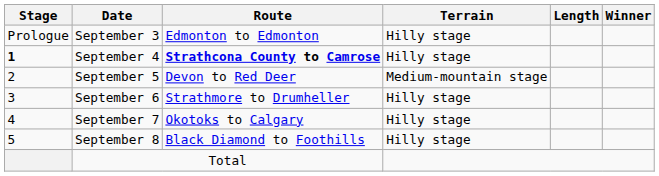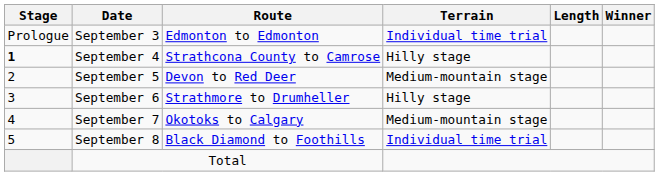 <table class="wikitable">
 <tr>
 <th>Stage</th>
 <th>Date</th>
 <th>Route</th>
 <th>Terrain</th>
 <th>Length</th>
 <th>Winner</th>
 </tr>
 <tr>
 <td style="align:center;">Prologue</td>
 <td>September 3</td>
 <td><a href='#'>Edmonton</a> to <a href='#'>Edmonton</a></td>
-<td> Hilly stage</td>
+<td> <a href='#'>Individual time trial</a></td>
 <td></td>
 <td></td>
 </tr>
 <tr>
 <td style="align:center;"><strong>1</strong></td>
 <td>September 4</td>
-<td><strong><a href='#'>Strathcona County</a> to <a href='#'>Camrose</a></strong></td>
+<td><a href='#'>Strathcona County</a> to <a href='#'>Camrose</a></td>
 <td> Hilly stage</td>
 <td></td>
 <td></td>
 </tr>
 <tr>
 <td style="align:center;">2</td>
 <td>September 5</td>
 <td><a href='#'>Devon</a> to <a href='#'>Red Deer</a></td>
 <td> Medium-mountain stage</td>
 <td></td>
 <td></td>
 </tr>
 <tr>
 <td style="align:center;">3</td>
 <td>September 6</td>
 <td><a href='#'>Strathmore</a> to <a href='#'>Drumheller</a></td>
 <td> Hilly stage</td>
 <td></td>
 <td></td>
 </tr>
 <tr>
 <td style="align:center;">4</td>
 <td>September 7</td>
 <td><a href='#'>Okotoks</a> to <a href='#'>Calgary</a></td>
-<td> Hilly stage</td>
+<td> Medium-mountain stage</td>
 <td></td>
 <td></td>
 </tr>
 <tr>
 <td style="align:center;">5</td>
 <td>September 8</td>
 <td><a href='#'>Black Diamond</a> to <a href='#'>Foothills</a></td>
-<td> Hilly stage</td>
+<td> <a href='#'>Individual time trial</a></td>
 <td></td>
 <td></td>
 </tr>
 <tr>
 <th></th>
 <td colspan="2" style="text-align:center;">Total</td>
 <td colspan="5" style="text-align:center;"></td>
 </tr>
 </table>
